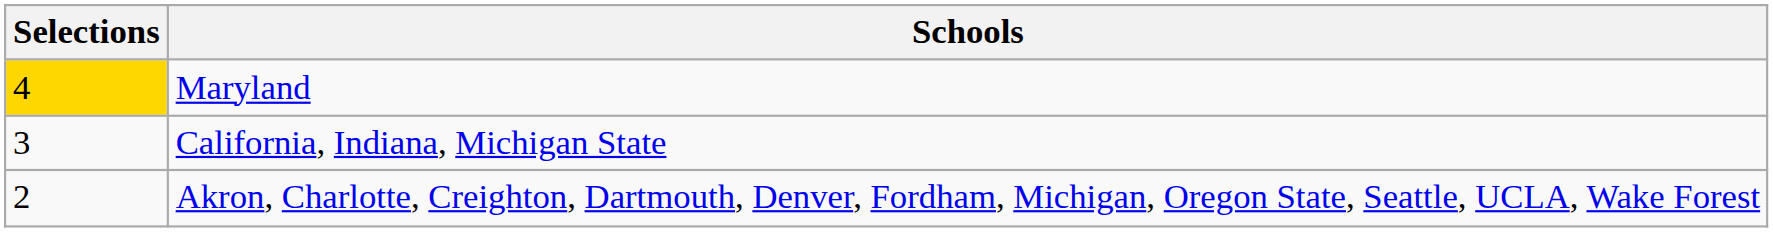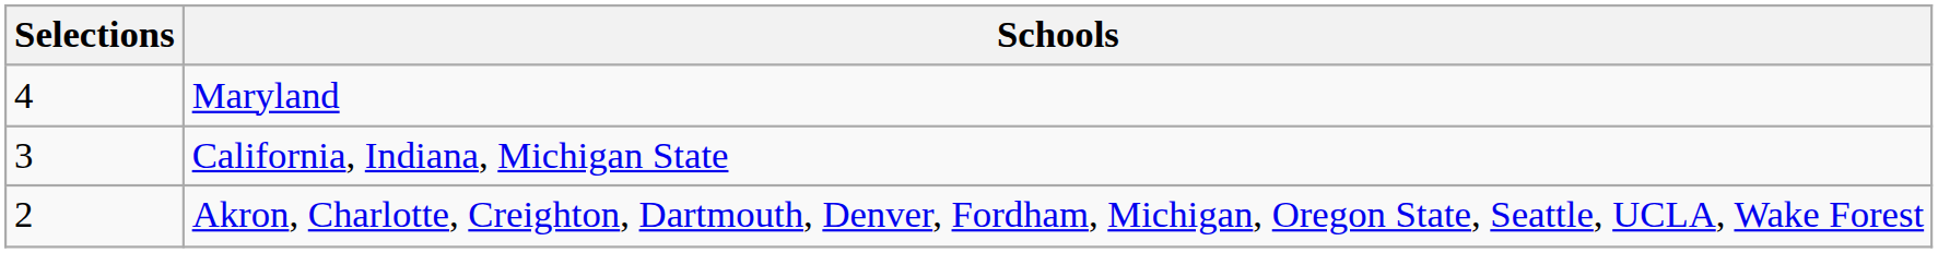 <table class="wikitable sortable" style="text-align:left">
 <tr>
 <th>Selections</th>
 <th class="unsortable">Schools</th>
 </tr>
 <tr>
-<td style="background: gold;">4</td>
+<td>4</td>
 <td><a href='#'>Maryland</a></td>
 </tr>
 <tr>
 <td>3</td>
 <td><a href='#'>California</a>, <a href='#'>Indiana</a>, <a href='#'>Michigan State</a></td>
 </tr>
 <tr>
 <td>2</td>
 <td><a href='#'>Akron</a>, <a href='#'>Charlotte</a>, <a href='#'>Creighton</a>, <a href='#'>Dartmouth</a>, <a href='#'>Denver</a>, <a href='#'>Fordham</a>, <a href='#'>Michigan</a>, <a href='#'>Oregon State</a>, <a href='#'>Seattle</a>, <a href='#'>UCLA</a>, <a href='#'>Wake Forest</a></td>
 </tr>
 </table>
